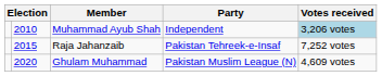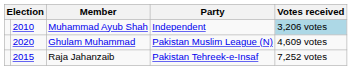 <table class="wikitable">
 <tr>
 <th colspan="2">Election</th>
 <th>Member</th>
 <th>Party</th>
 <th>Votes received</th>
 </tr>
 <tr>
 <td style="background-color: "></td>
 <td><a href='#'>2010</a></td>
 <td><a href='#'>Muhammad Ayub Shah</a></td>
 <td><a href='#'>Independent</a></td>
 <td style="background: lightblue;">3,206 votes</td>
 </tr>
 <tr>
 <td style="background-color: "></td>
+<td><a href='#'>2020</a></td>
+<td><a href='#'>Ghulam Muhammad</a></td>
+<td><a href='#'>Pakistan Muslim League (N)</a></td>
+<td>4,609 votes</td>
+</tr>
+<tr>
+<td style="background-color: "></td>
 <td><a href='#'>2015</a></td>
 <td>Raja Jahanzaib</td>
 <td><a href='#'>Pakistan Tehreek-e-Insaf</a></td>
 <td>7,252 votes</td>
 </tr>
-<tr>
-<td style="background-color: "></td>
-<td><a href='#'>2020</a></td>
-<td><a href='#'>Ghulam Muhammad</a></td>
-<td><a href='#'>Pakistan Muslim League (N)</a></td>
-<td>4,609 votes</td>
-</tr>
 </table>
